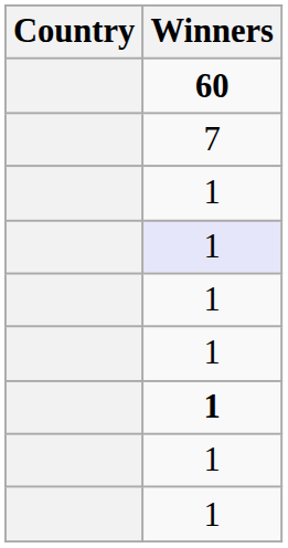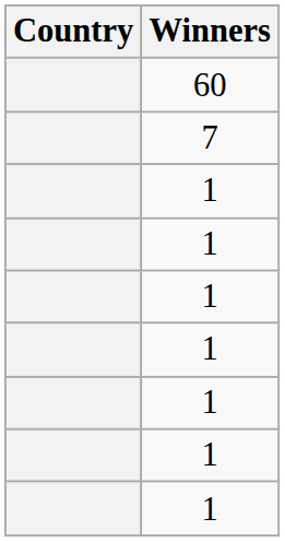 <table class="sortable wikitable plainrowheaders" style="text-align: center">
 <tr>
 <th scope="col">Country</th>
 <th scope="col" data-sort-type="number">Winners</th>
 </tr>
 <tr>
 <th scope="row"></th>
-<td><strong>60</strong></td>
+<td>60</td>
 </tr>
 <tr>
 <th scope="row"></th>
 <td>7</td>
 </tr>
 <tr>
 <th scope="row"></th>
 <td>1</td>
 </tr>
 <tr>
 <th scope="row"></th>
-<td style="background: lavender;">1</td>
+<td>1</td>
 </tr>
 <tr>
 <th scope="row"></th>
 <td>1</td>
 </tr>
 <tr>
 <th scope="row"></th>
 <td>1</td>
 </tr>
 <tr>
 <th scope="row"></th>
-<td><strong>1</strong></td>
+<td>1</td>
 </tr>
 <tr>
 <th scope="row"></th>
 <td>1</td>
 </tr>
 <tr>
 <th scope="row"></th>
 <td>1</td>
 </tr>
 </table>
